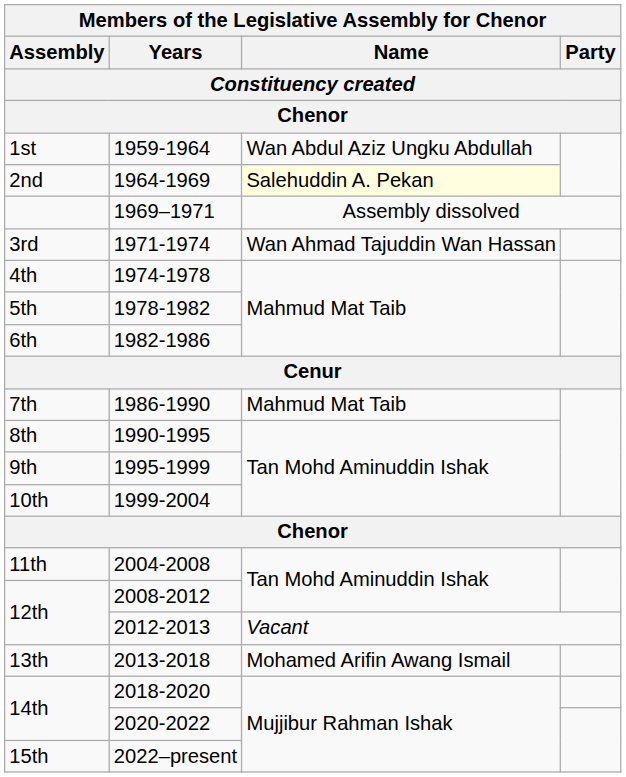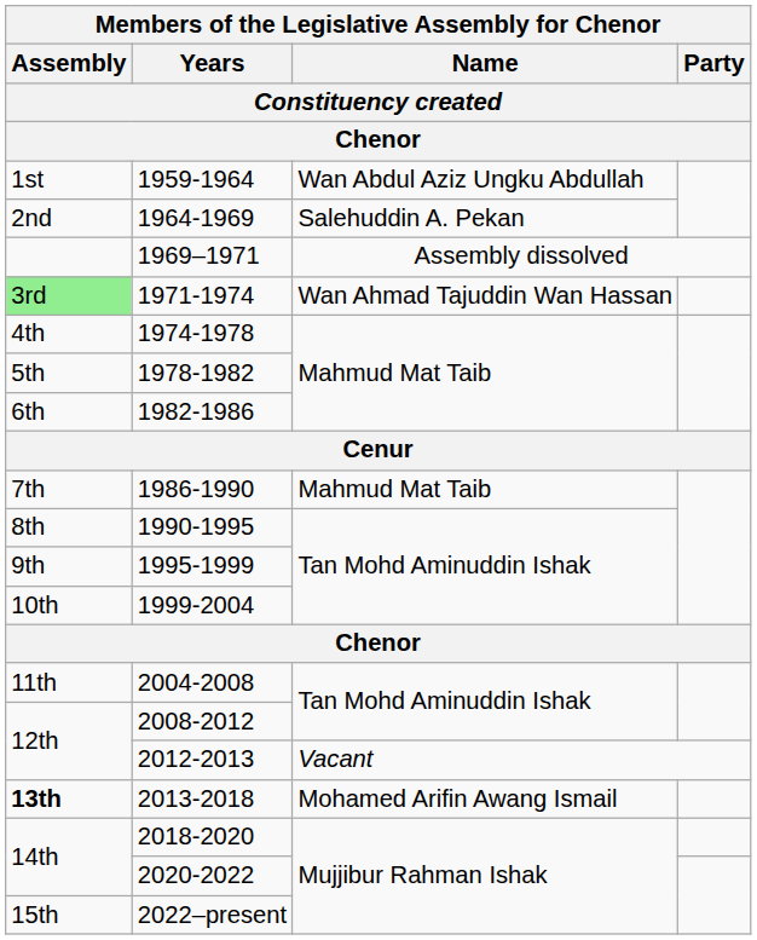 <table class="wikitable">
 <tr>
 <th colspan="4">Members of the Legislative Assembly for Chenor</th>
 </tr>
 <tr>
 <th>Assembly</th>
 <th>Years</th>
 <th>Name</th>
 <th>Party</th>
 </tr>
 <tr>
 <th colspan="4"><em>Constituency created</em></th>
 </tr>
 <tr>
 <th colspan=4 align=center>Chenor</th>
 </tr>
 <tr>
 <td>1st</td>
 <td>1959-1964</td>
 <td>Wan Abdul Aziz Ungku Abdullah</td>
 <td rowspan="2"></td>
 </tr>
 <tr>
 <td>2nd</td>
 <td>1964-1969</td>
-<td style="background: lightyellow;">Salehuddin A. Pekan</td>
+<td>Salehuddin A. Pekan</td>
 </tr>
 <tr>
 <td></td>
 <td>1969–1971</td>
 <td colspan=2 align=center>Assembly dissolved</td>
 </tr>
 <tr>
-<td>3rd</td>
+<td style="background: lightgreen;">3rd</td>
 <td>1971-1974</td>
 <td>Wan Ahmad Tajuddin Wan Hassan</td>
 <td></td>
 </tr>
 <tr>
 <td>4th</td>
 <td>1974-1978</td>
 <td rowspan="3">Mahmud Mat Taib</td>
 <td rowspan="3"></td>
 </tr>
 <tr>
 <td>5th</td>
 <td>1978-1982</td>
 </tr>
 <tr>
 <td>6th</td>
 <td>1982-1986</td>
 </tr>
 <tr>
 <th colspan=4 align=center>Cenur</th>
 </tr>
 <tr>
 <td>7th</td>
 <td>1986-1990</td>
 <td>Mahmud Mat Taib</td>
 <td rowspan="4"></td>
 </tr>
 <tr>
 <td>8th</td>
 <td>1990-1995</td>
 <td rowspan="3">Tan Mohd Aminuddin Ishak</td>
 </tr>
 <tr>
 <td>9th</td>
 <td>1995-1999</td>
 </tr>
 <tr>
 <td>10th</td>
 <td>1999-2004</td>
 </tr>
 <tr>
 <th colspan=4 align=center>Chenor</th>
 </tr>
 <tr>
 <td>11th</td>
 <td>2004-2008</td>
 <td rowspan="2">Tan Mohd Aminuddin Ishak</td>
 <td rowspan="2"></td>
 </tr>
 <tr>
 <td rowspan="2">12th</td>
 <td>2008-2012</td>
 </tr>
 <tr>
 <td>2012-2013</td>
 <td colspan="2"><em>Vacant</em></td>
 </tr>
 <tr>
-<td>13th</td>
+<td><strong>13th</strong></td>
 <td>2013-2018</td>
 <td>Mohamed Arifin Awang Ismail</td>
 <td></td>
 </tr>
 <tr>
 <td rowspan="2">14th</td>
 <td>2018-2020</td>
 <td rowspan="3">Mujjibur Rahman Ishak</td>
 <td></td>
 </tr>
 <tr>
 <td>2020-2022</td>
 <td rowspan="2"></td>
 </tr>
 <tr>
 <td>15th</td>
 <td>2022–present</td>
 </tr>
 </table>
